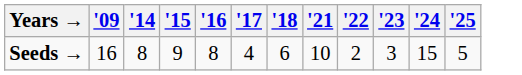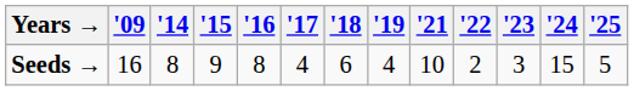 <table class="wikitable">
 <tr>
 <th>Years →</th>
 <th><a href='#'>'09</a></th>
 <th><a href='#'>'14</a></th>
 <th><a href='#'>'15</a></th>
 <th><a href='#'>'16</a></th>
 <th><a href='#'>'17</a></th>
 <th><a href='#'>'18</a></th>
+<th><a href='#'>'19</a></th>
 <th><a href='#'>'21</a></th>
 <th><a href='#'>'22</a></th>
 <th><a href='#'>'23</a></th>
 <th><a href='#'>'24</a></th>
 <th><a href='#'>'25</a></th>
 </tr>
 <tr align=center>
 <td style="text-align:left; "><strong>Seeds →</strong></td>
 <td>16</td>
 <td>8</td>
 <td>9</td>
 <td>8</td>
 <td>4</td>
 <td>6</td>
+<td>4</td>
 <td>10</td>
 <td>2</td>
 <td>3</td>
 <td>15</td>
 <td>5</td>
 </tr>
 </table>
